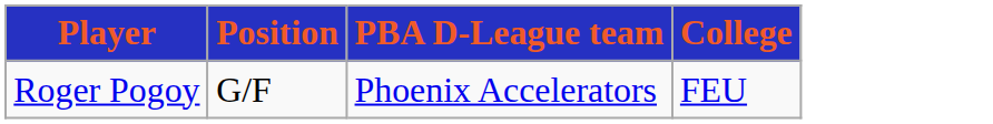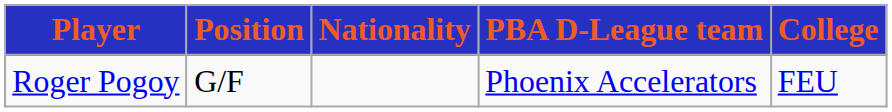 <table class="wikitable sortable sortable">
 <tr>
 <th style="background:#2631C2; color:#F05B28; ">Player</th>
 <th style="background:#2631C2; color:#F05B28; ">Position</th>
+<th style="background:#2631C2; color:#F05B28; ">Nationality</th>
 <th style="background:#2631C2; color:#F05B28; ">PBA D-League team</th>
 <th style="background:#2631C2; color:#F05B28; ">College</th>
 </tr>
 <tr>
 <td><a href='#'>Roger Pogoy</a></td>
 <td>G/F</td>
+<td></td>
 <td><a href='#'>Phoenix Accelerators</a></td>
 <td><a href='#'>FEU</a></td>
 </tr>
 </table>
